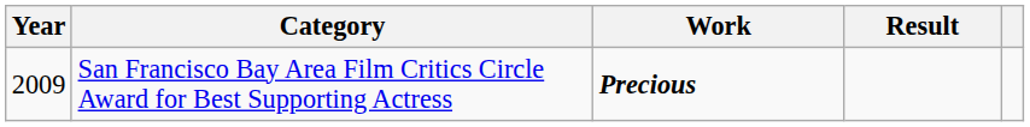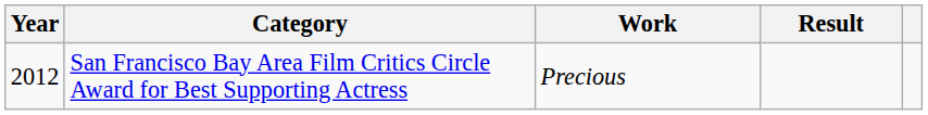 <table class="wikitable">
 <tr>
 <th scope="col" style="width:1em;">Year</th>
 <th scope="col" style="width:44em;">Category</th>
 <th scope="col" style="width:18em;">Work</th>
 <th scope="col" style="width:10em;">Result</th>
 <th class="unsortable" style="width:1em;"></th>
 </tr>
 <tr>
-<td>2009</td>
+<td>2012</td>
 <td><a href='#'>San Francisco Bay Area Film Critics Circle Award for Best Supporting Actress</a></td>
-<td><strong><em>Precious</em></strong></td>
+<td><em>Precious</em></td>
 <td></td>
 <td></td>
 </tr>
 </table>
